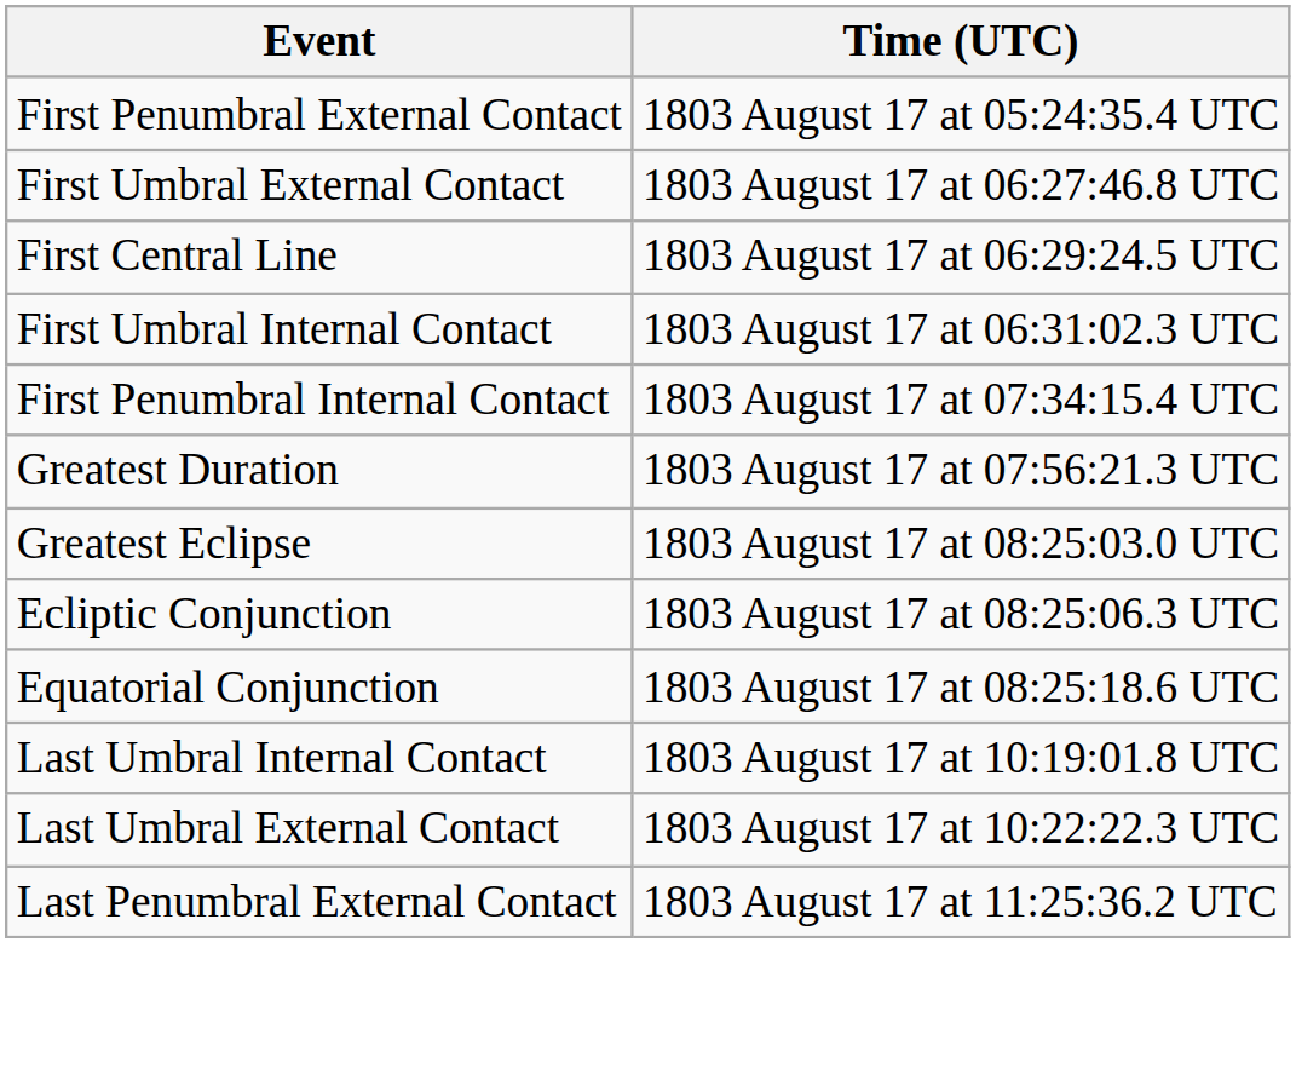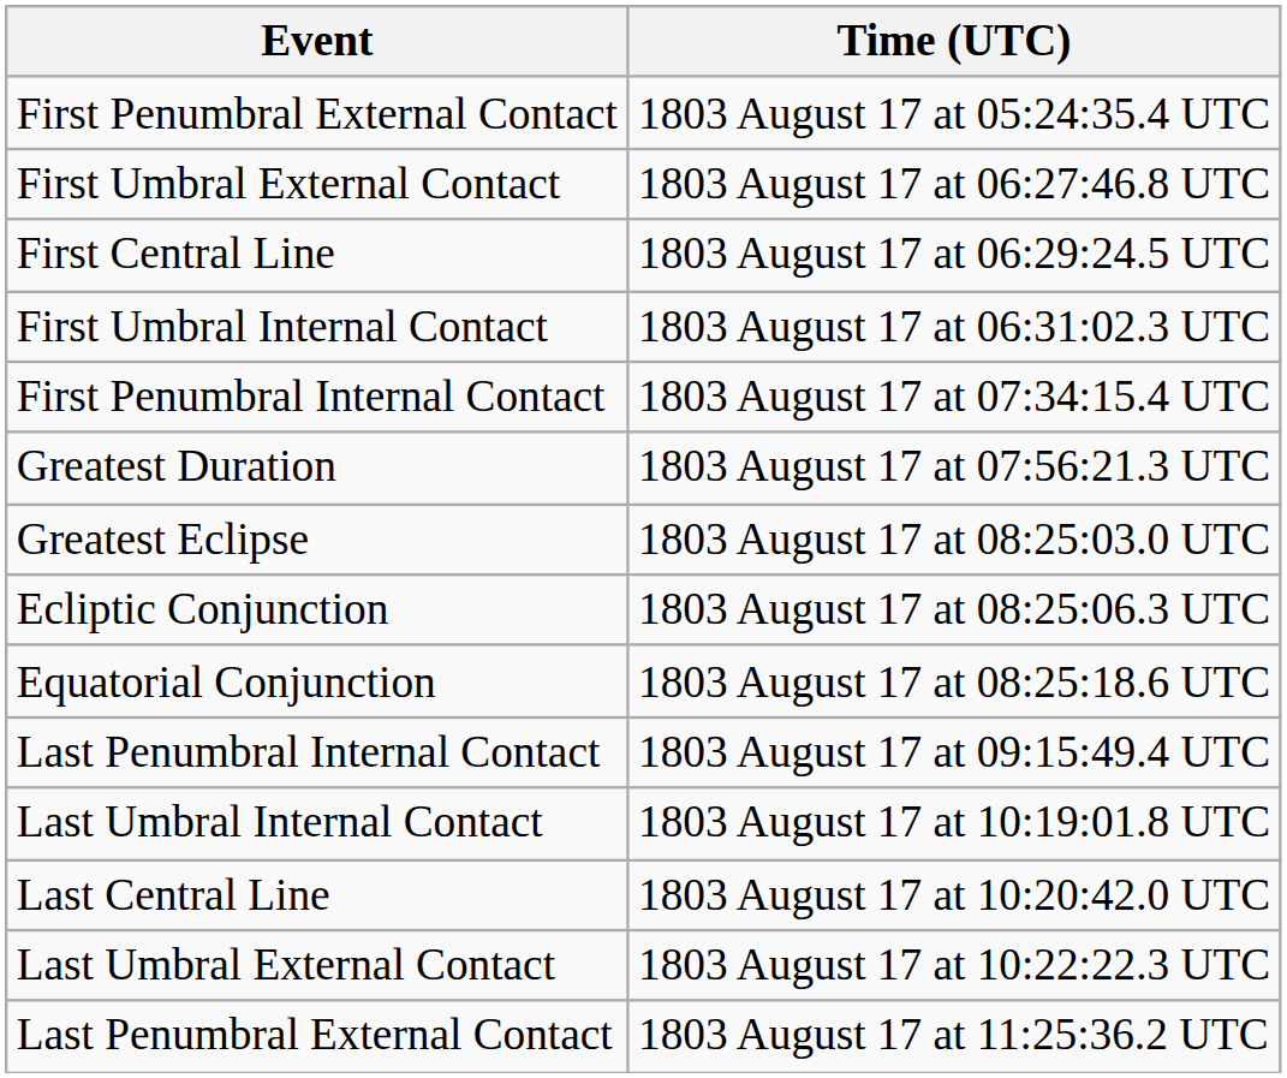 <table class="wikitable">
 <tr>
 <th>Event</th>
 <th>Time (UTC)</th>
 </tr>
 <tr>
 <td>First Penumbral External Contact</td>
 <td>1803 August 17 at 05:24:35.4 UTC</td>
 </tr>
 <tr>
 <td>First Umbral External Contact</td>
 <td>1803 August 17 at 06:27:46.8 UTC</td>
 </tr>
 <tr>
 <td>First Central Line</td>
 <td>1803 August 17 at 06:29:24.5 UTC</td>
 </tr>
 <tr>
 <td>First Umbral Internal Contact</td>
 <td>1803 August 17 at 06:31:02.3 UTC</td>
 </tr>
 <tr>
 <td>First Penumbral Internal Contact</td>
 <td>1803 August 17 at 07:34:15.4 UTC</td>
 </tr>
 <tr>
 <td>Greatest Duration</td>
 <td>1803 August 17 at 07:56:21.3 UTC</td>
 </tr>
 <tr>
 <td>Greatest Eclipse</td>
 <td>1803 August 17 at 08:25:03.0 UTC</td>
 </tr>
 <tr>
 <td>Ecliptic Conjunction</td>
 <td>1803 August 17 at 08:25:06.3 UTC</td>
 </tr>
 <tr>
 <td>Equatorial Conjunction</td>
 <td>1803 August 17 at 08:25:18.6 UTC</td>
 </tr>
 <tr>
+<td>Last Penumbral Internal Contact</td>
+<td>1803 August 17 at 09:15:49.4 UTC</td>
+</tr>
+<tr>
 <td>Last Umbral Internal Contact</td>
 <td>1803 August 17 at 10:19:01.8 UTC</td>
+</tr>
+<tr>
+<td>Last Central Line</td>
+<td>1803 August 17 at 10:20:42.0 UTC</td>
 </tr>
 <tr>
 <td>Last Umbral External Contact</td>
 <td>1803 August 17 at 10:22:22.3 UTC</td>
 </tr>
 <tr>
 <td>Last Penumbral External Contact</td>
 <td>1803 August 17 at 11:25:36.2 UTC</td>
 </tr>
 </table>
